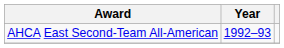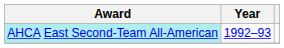 <table class="wikitable">
 <tr>
 <th>Award</th>
 <th>Year</th>
 <th></th>
 </tr>
 <tr>
-<td><a href='#'>AHCA</a> <a href='#'>East Second-Team All-American</a></td>
+<td style="background: paleturquoise;"><a href='#'>AHCA</a> <a href='#'>East Second-Team All-American</a></td>
 <td><a href='#'>1992–93</a></td>
 <td></td>
 </tr>
 <tr>
 </tr>
 </table>
